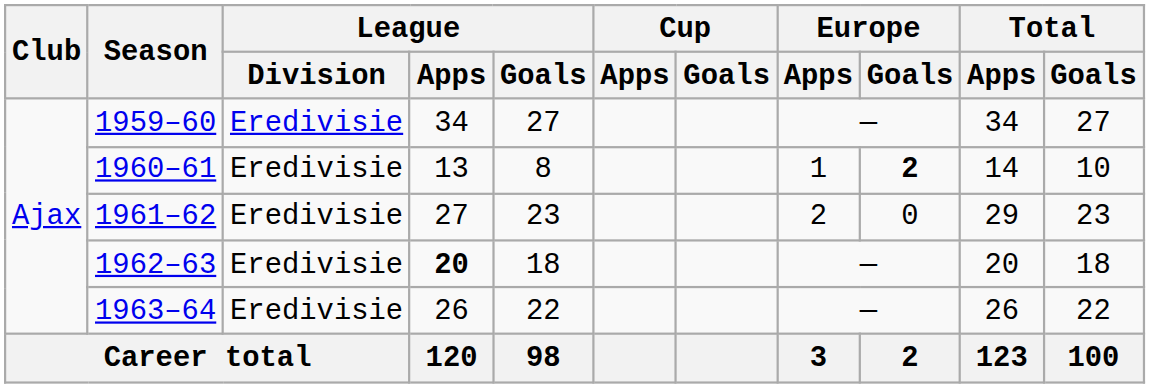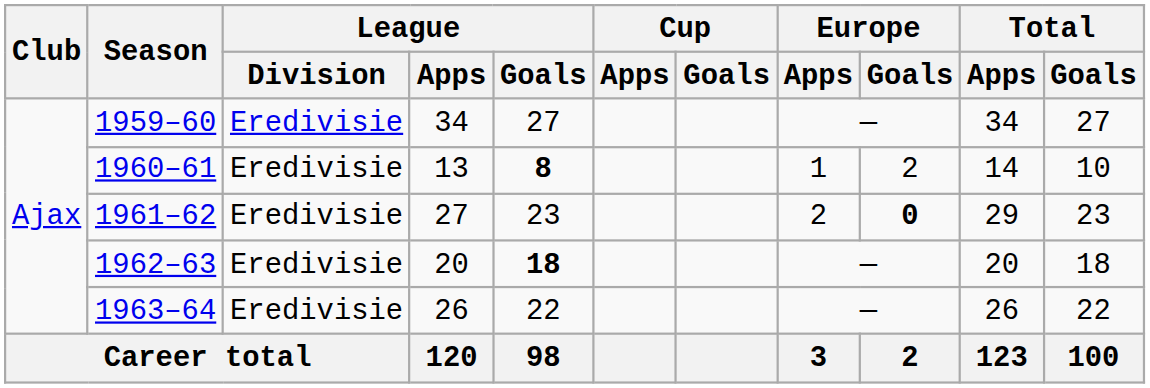 <table class=wikitable style=text-align:center>
 <tr>
 <th rowspan=2>Club</th>
 <th rowspan=2>Season</th>
 <th colspan=3>League</th>
 <th colspan=2>Cup</th>
 <th colspan=2>Europe</th>
 <th colspan=2>Total</th>
 </tr>
 <tr>
 <th>Division</th>
 <th>Apps</th>
 <th>Goals</th>
 <th>Apps</th>
 <th>Goals</th>
 <th>Apps</th>
 <th>Goals</th>
 <th>Apps</th>
 <th>Goals</th>
 </tr>
 <tr>
 <td rowspan=5><a href='#'>Ajax</a></td>
 <td><a href='#'>1959–60</a></td>
 <td><a href='#'>Eredivisie</a></td>
 <td>34</td>
 <td>27</td>
 <td></td>
 <td></td>
 <td colspan=2>—</td>
 <td>34</td>
 <td>27</td>
 </tr>
 <tr>
 <td><a href='#'>1960–61</a></td>
 <td>Eredivisie</td>
 <td>13</td>
-<td>8</td>
+<td><strong>8</strong></td>
 <td></td>
 <td></td>
 <td>1</td>
-<td><strong>2</strong></td>
+<td>2</td>
 <td>14</td>
 <td>10</td>
 </tr>
 <tr>
 <td><a href='#'>1961–62</a></td>
 <td>Eredivisie</td>
 <td>27</td>
 <td>23</td>
 <td></td>
 <td></td>
 <td>2</td>
-<td>0</td>
+<td><strong>0</strong></td>
 <td>29</td>
 <td>23</td>
 </tr>
 <tr>
 <td><a href='#'>1962–63</a></td>
 <td>Eredivisie</td>
-<td><strong>20</strong></td>
-<td>18</td>
+<td>20</td>
+<td><strong>18</strong></td>
 <td></td>
 <td></td>
 <td colspan=2>—</td>
 <td>20</td>
 <td>18</td>
 </tr>
 <tr>
 <td><a href='#'>1963–64</a></td>
 <td>Eredivisie</td>
 <td>26</td>
 <td>22</td>
 <td></td>
 <td></td>
 <td colspan=2>—</td>
 <td>26</td>
 <td>22</td>
 </tr>
 <tr>
 <th colspan=3>Career total</th>
 <th>120</th>
 <th>98</th>
 <th></th>
 <th></th>
 <th>3</th>
 <th>2</th>
 <th>123</th>
 <th>100</th>
 </tr>
 </table>
